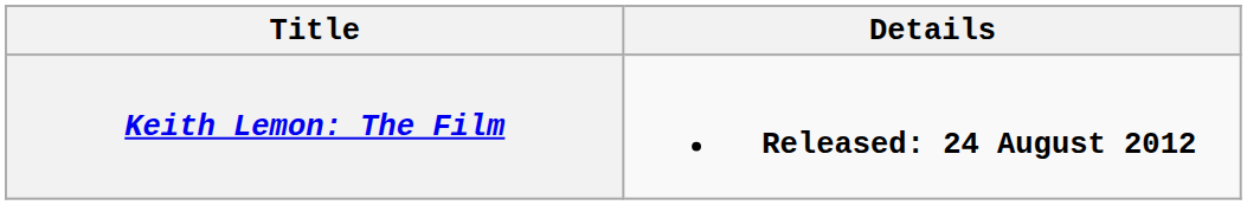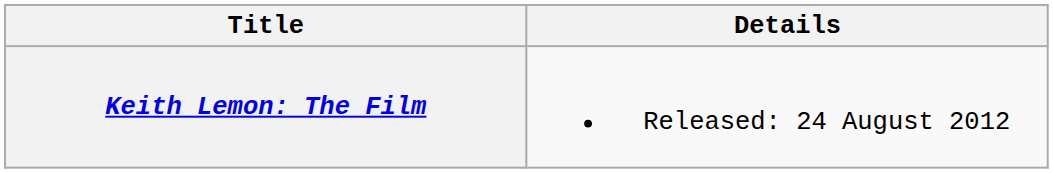 <table class="wikitable plainrowheaders" style="text-align:center;">
 <tr>
 <th scope="col" style="width:20em;">Title</th>
 <th scope="col" style="width:20em;">Details</th>
 </tr>
 <tr>
 <th scope="row"><em><a href='#'>Keith Lemon: The Film</a></em></th>
-<td><strong><br><ul><li>Released: 24 August 2012</li></ul></strong></td>
+<td><br><ul><li>Released: 24 August 2012</li></ul></td>
 </tr>
 </table>
